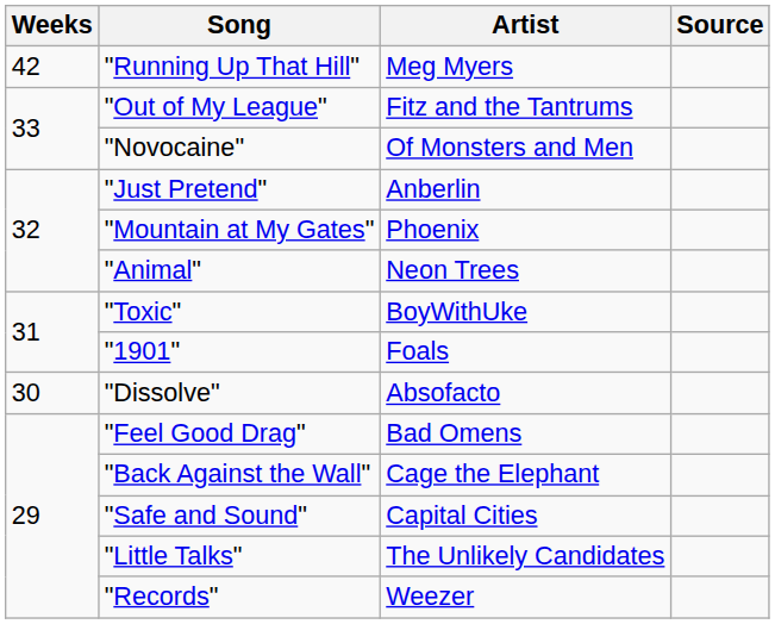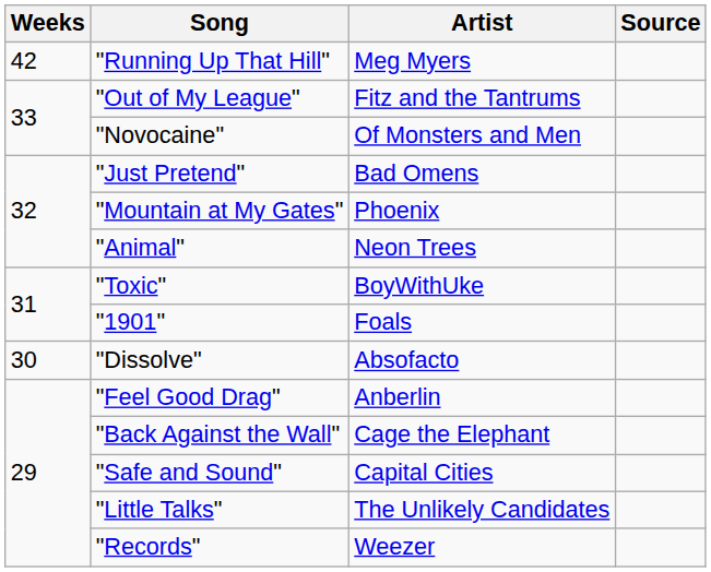 <table class="wikitable">
 <tr>
 <th>Weeks</th>
 <th>Song</th>
 <th>Artist</th>
 <th>Source</th>
 </tr>
 <tr>
 <td>42</td>
 <td>"<a href='#'>Running Up That Hill</a>"</td>
 <td><a href='#'>Meg Myers</a></td>
 <td></td>
 </tr>
 <tr>
 <td rowspan="2">33</td>
 <td>"<a href='#'>Out of My League</a>"</td>
 <td><a href='#'>Fitz and the Tantrums</a></td>
 <td></td>
 </tr>
 <tr>
 <td>"Novocaine"</td>
 <td><a href='#'>Of Monsters and Men</a></td>
 <td></td>
 </tr>
 <tr>
 <td rowspan="3">32</td>
 <td>"<a href='#'>Just Pretend</a>"</td>
-<td><a href='#'>Anberlin</a></td>
+<td><a href='#'>Bad Omens</a></td>
 <td></td>
 </tr>
 <tr>
 <td>"<a href='#'>Mountain at My Gates</a>"</td>
 <td><a href='#'>Phoenix</a></td>
 <td></td>
 </tr>
 <tr>
 <td>"<a href='#'>Animal</a>"</td>
 <td><a href='#'>Neon Trees</a></td>
 <td></td>
 </tr>
 <tr>
 <td rowspan="2">31</td>
 <td>"<a href='#'>Toxic</a>"</td>
 <td><a href='#'>BoyWithUke</a></td>
 <td></td>
 </tr>
 <tr>
 <td>"<a href='#'>1901</a>"</td>
 <td><a href='#'>Foals</a></td>
 <td></td>
 </tr>
 <tr>
 <td>30</td>
 <td>"Dissolve"</td>
 <td><a href='#'>Absofacto</a></td>
 <td></td>
 </tr>
 <tr>
 <td rowspan="5">29</td>
 <td>"<a href='#'>Feel Good Drag</a>"</td>
-<td><a href='#'>Bad Omens</a></td>
+<td><a href='#'>Anberlin</a></td>
 <td></td>
 </tr>
 <tr>
 <td>"<a href='#'>Back Against the Wall</a>"</td>
 <td><a href='#'>Cage the Elephant</a></td>
 <td></td>
 </tr>
 <tr>
 <td>"<a href='#'>Safe and Sound</a>"</td>
 <td><a href='#'>Capital Cities</a></td>
 <td></td>
 </tr>
 <tr>
 <td>"<a href='#'>Little Talks</a>"</td>
 <td><a href='#'>The Unlikely Candidates</a></td>
 <td></td>
 </tr>
 <tr>
 <td>"<a href='#'>Records</a>"</td>
 <td><a href='#'>Weezer</a></td>
 <td></td>
 </tr>
 </table>
